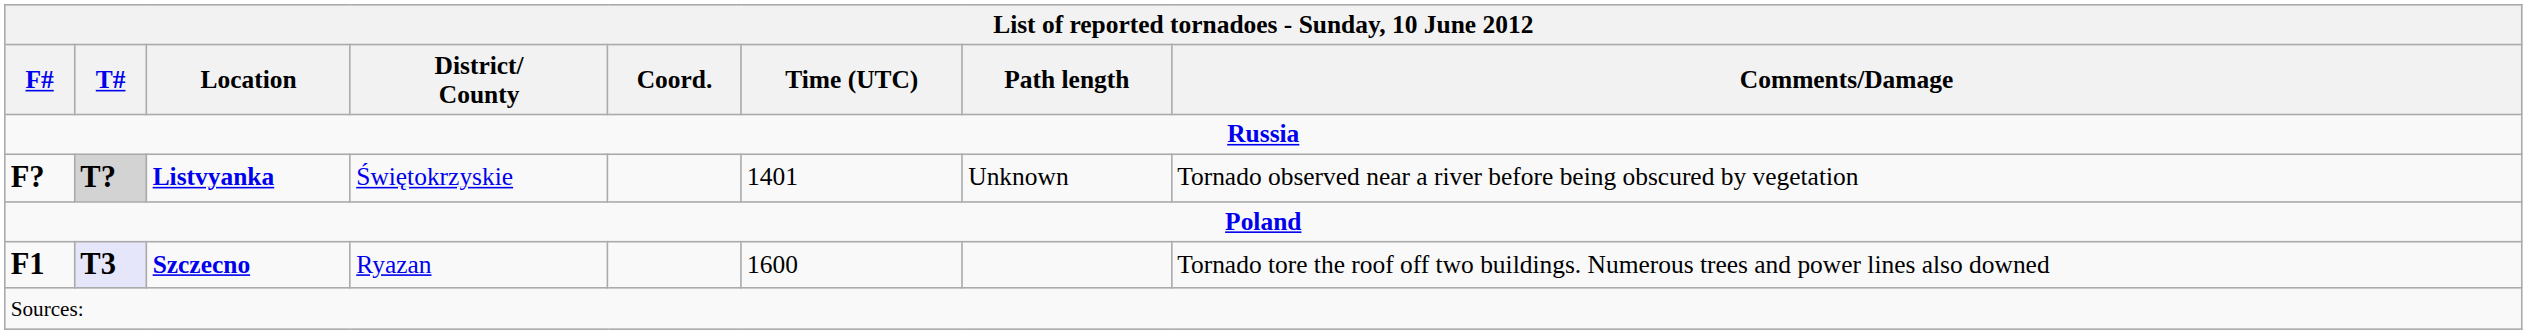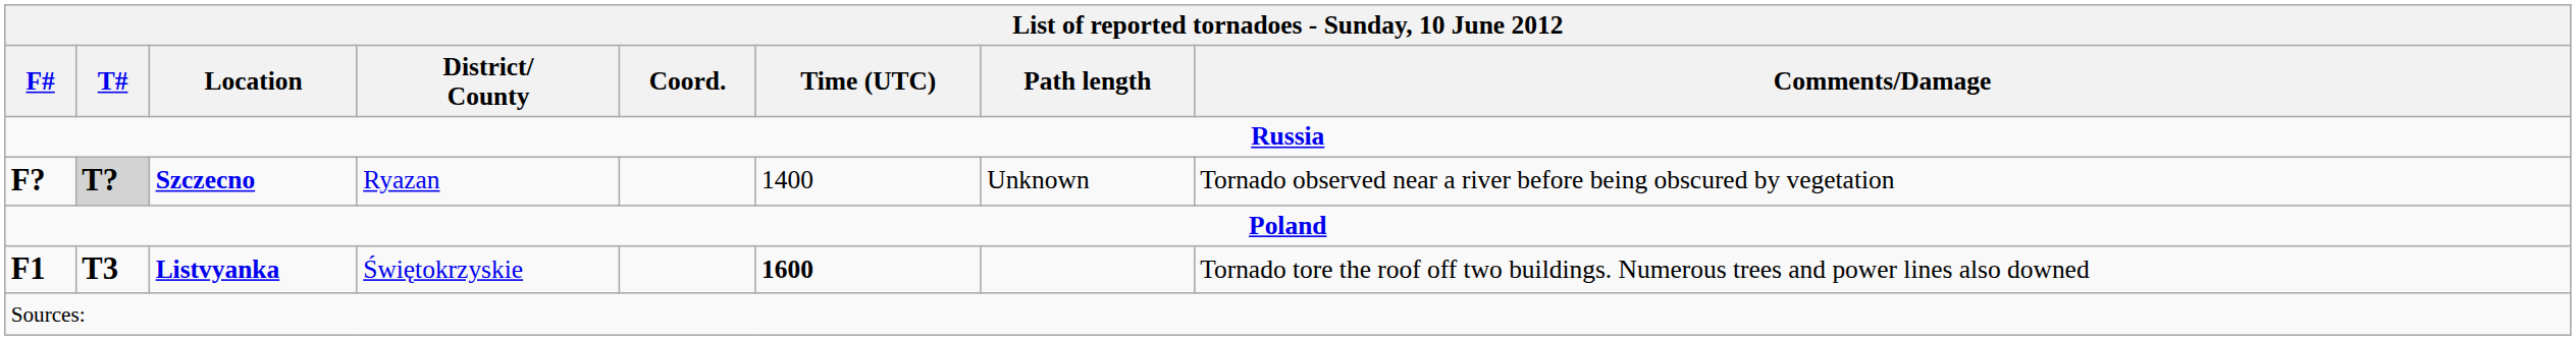 <table class="wikitable collapsible" width="100%">
 <tr>
 <th colspan="8">List of reported tornadoes - Sunday, 10 June 2012</th>
 </tr>
 <tr>
 <th><a href='#'>F#</a></th>
 <th><a href='#'>T#</a></th>
 <th>Location</th>
 <th>District/<br>County</th>
 <th>Coord.</th>
 <th>Time (UTC)</th>
 <th>Path length</th>
 <th>Comments/Damage</th>
 </tr>
 <tr>
 <td colspan="8" align=center><strong><a href='#'>Russia</a></strong></td>
 </tr>
 <tr>
 <td><big><strong>F?</strong></big></td>
 <td style="background: lightgrey;"><big><strong>T?</strong></big></td>
-<td><strong><a href='#'>Listvyanka</a></strong></td>
-<td><a href='#'>Świętokrzyskie</a></td>
+<td><strong><a href='#'>Szczecno</a></strong></td>
+<td><a href='#'>Ryazan</a></td>
 <td></td>
-<td>1401</td>
+<td>1400</td>
 <td>Unknown</td>
 <td>Tornado observed near a river before being obscured by vegetation</td>
 </tr>
 <tr>
 <td colspan="8" align=center><strong><a href='#'>Poland</a></strong></td>
 </tr>
 <tr>
 <td><big><strong>F1</strong></big></td>
-<td style="background: lavender;"><big><strong>T3</strong></big></td>
-<td><strong><a href='#'>Szczecno</a></strong></td>
-<td><a href='#'>Ryazan</a></td>
+<td><big><strong>T3</strong></big></td>
+<td><strong><a href='#'>Listvyanka</a></strong></td>
+<td><a href='#'>Świętokrzyskie</a></td>
 <td></td>
-<td>1600</td>
+<td><strong>1600</strong></td>
 <td></td>
 <td>Tornado tore the roof off two buildings. Numerous trees and power lines also downed</td>
 </tr>
 <tr>
 <td colspan="8"><small>Sources:  </small></td>
 </tr>
 </table>
